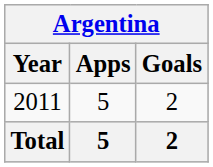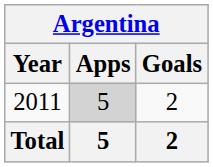 <table class="wikitable" style="text-align:center">
 <tr>
 <th colspan=3><a href='#'>Argentina</a></th>
 </tr>
 <tr>
 <th>Year</th>
 <th>Apps</th>
 <th>Goals</th>
 </tr>
 <tr>
 <td>2011</td>
-<td>5</td>
+<td style="background: lightgrey;">5</td>
 <td>2</td>
 </tr>
 <tr>
 <th>Total</th>
 <th>5</th>
 <th>2</th>
 </tr>
 </table>
